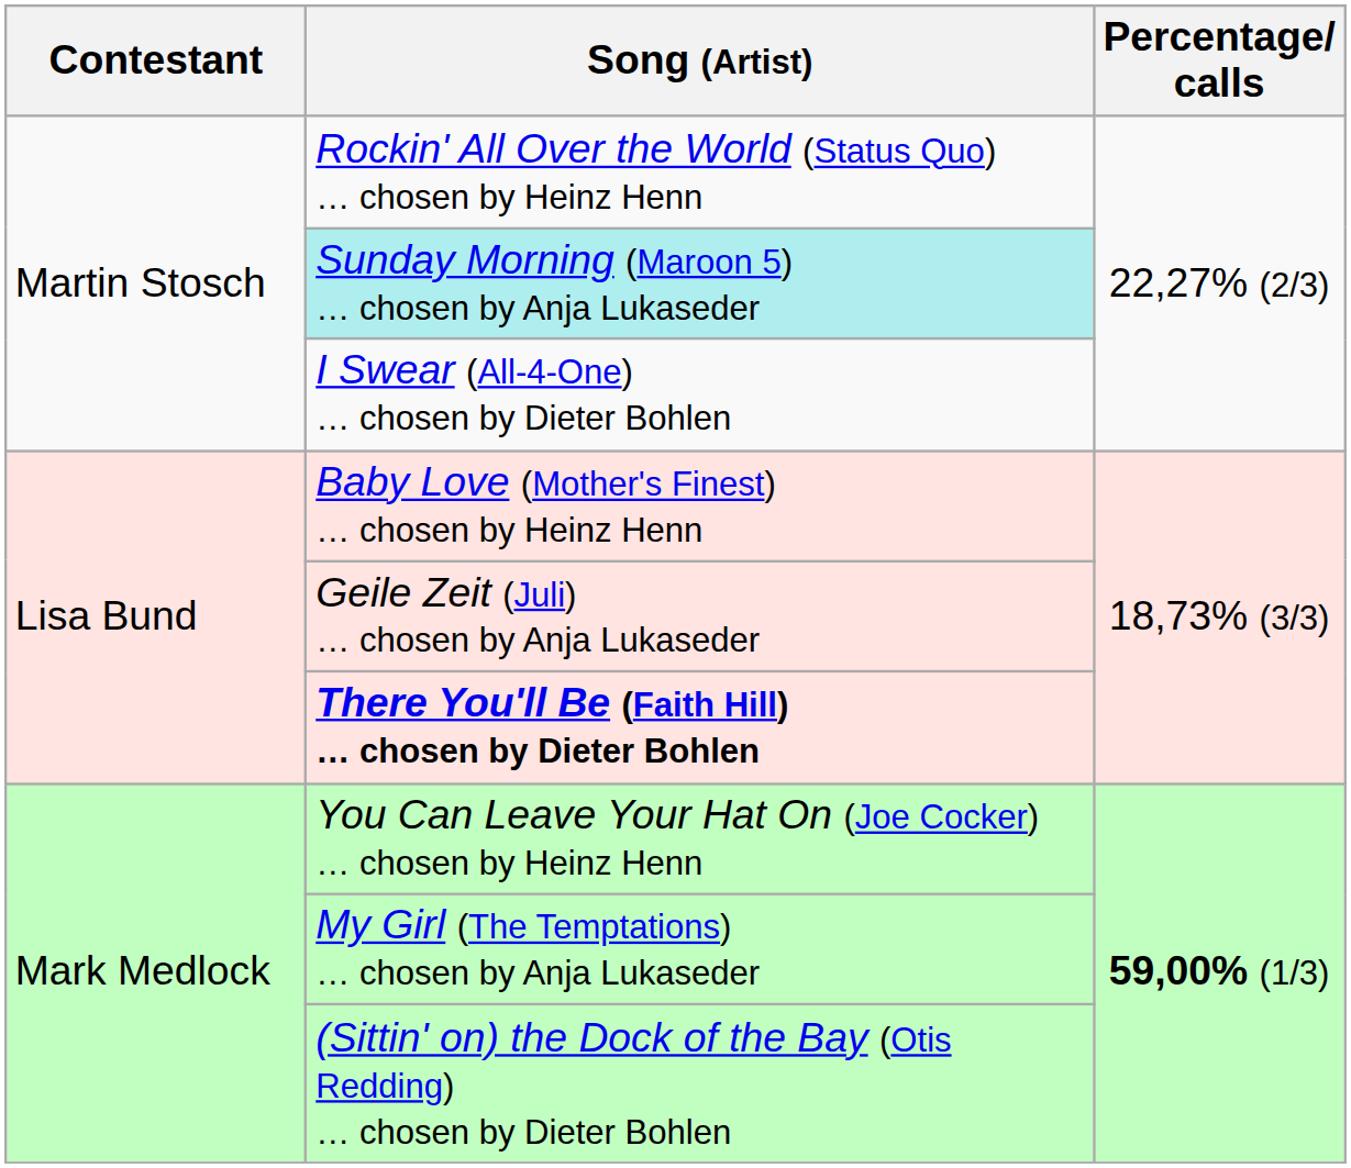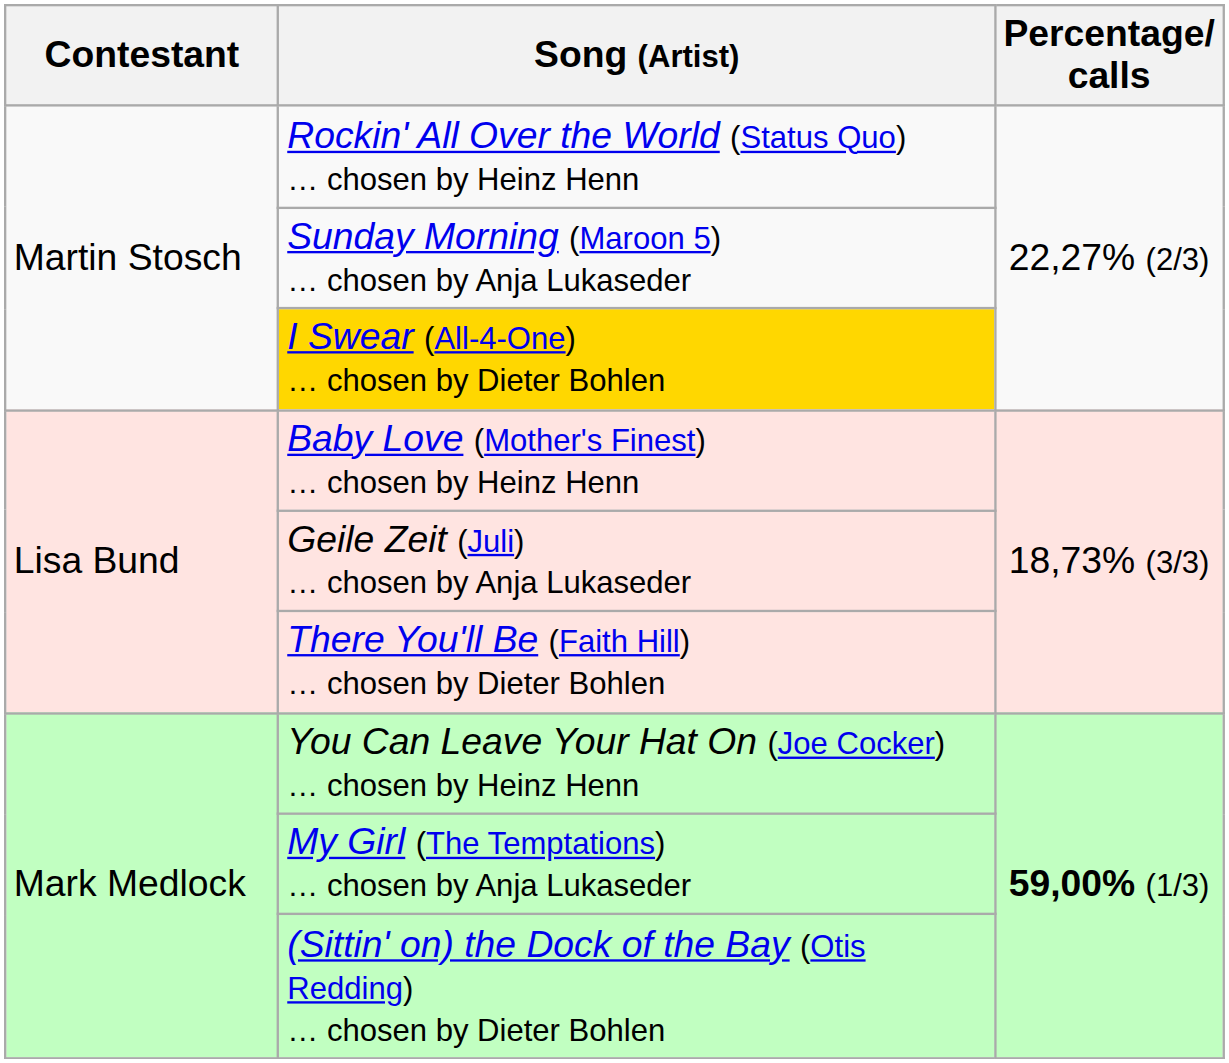 <table class="wikitable">
 <tr>
 <th width="110">Contestant</th>
 <th width="300">Song <small>(Artist)</small></th>
 <th width="28">Percentage/<br>calls</th>
 </tr>
 <tr>
 <td align="left" rowspan="3">Martin Stosch</td>
 <td align="left"><em><a href='#'>Rockin' All Over the World</a></em> <small>(<a href='#'>Status Quo</a>)<br>… chosen by Heinz Henn</small></td>
 <td align="center" rowspan="3">22,27% <small>(2/3)</small></td>
 </tr>
 <tr>
-<td align="left" style="background: paleturquoise;"><em><a href='#'>Sunday Morning</a></em> <small>(<a href='#'>Maroon 5</a>)<br>… chosen by Anja Lukaseder</small></td>
+<td align="left"><em><a href='#'>Sunday Morning</a></em> <small>(<a href='#'>Maroon 5</a>)<br>… chosen by Anja Lukaseder</small></td>
 </tr>
 <tr>
-<td align="left"><em><a href='#'>I Swear</a></em> <small>(<a href='#'>All-4-One</a>)<br>… chosen by Dieter Bohlen</small></td>
+<td align="left" style="background: gold;"><em><a href='#'>I Swear</a></em> <small>(<a href='#'>All-4-One</a>)<br>… chosen by Dieter Bohlen</small></td>
 </tr>
 <tr bgcolor="#FFE4E1">
 <td align="left" rowspan="3">Lisa Bund</td>
 <td align="left"><em><a href='#'>Baby Love</a></em> <small>(<a href='#'>Mother's Finest</a>)<br>… chosen by Heinz Henn</small></td>
 <td align="center" rowspan="3">18,73% <small>(3/3)</small></td>
 </tr>
 <tr bgcolor="#FFE4E1">
 <td align="left"><em>Geile Zeit</em> <small>(<a href='#'>Juli</a>)<br>… chosen by Anja Lukaseder</small></td>
 </tr>
 <tr bgcolor="#FFE4E1">
-<td align="left"><strong><em><a href='#'>There You'll Be</a></em> <small>(<a href='#'>Faith Hill</a>)<br>… chosen by Dieter Bohlen</small></strong></td>
+<td align="left"><em><a href='#'>There You'll Be</a></em> <small>(<a href='#'>Faith Hill</a>)<br>… chosen by Dieter Bohlen</small></td>
 </tr>
 <tr bgcolor="#C1FFC1">
 <td align="left" rowspan="3">Mark Medlock</td>
 <td align="left"><em>You Can Leave Your Hat On</em> <small>(<a href='#'>Joe Cocker</a>)<br>… chosen by Heinz Henn</small></td>
 <td align="center" rowspan="3"><strong>59,00%</strong> <small>(1/3)</small></td>
 </tr>
 <tr bgcolor="#C1FFC1">
 <td align="left"><em><a href='#'>My Girl</a></em> <small>(<a href='#'>The Temptations</a>)<br>… chosen by Anja Lukaseder</small></td>
 </tr>
 <tr bgcolor="#C1FFC1">
 <td align="left"><em><a href='#'>(Sittin' on) the Dock of the Bay</a></em> <small>(<a href='#'>Otis Redding</a>)<br>… chosen by Dieter Bohlen</small></td>
 </tr>
 </table>
